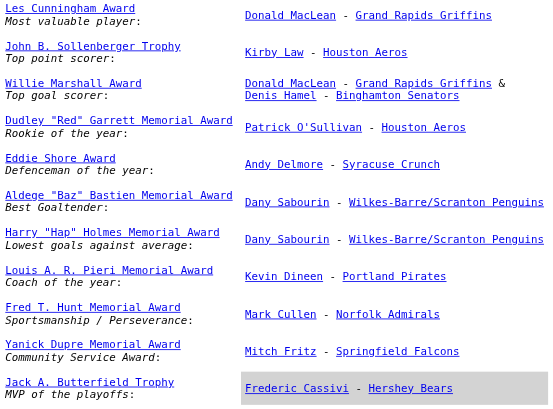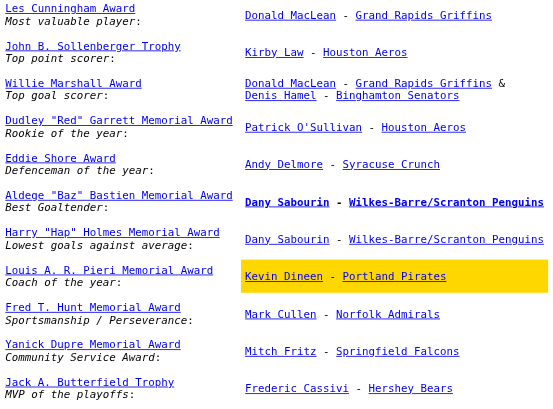 <table cellpadding="5" cellspacing="5">
 <tr>
 <td><a href='#'>Les Cunningham Award</a><br><em>Most valuable player</em>:</td>
 <td><a href='#'>Donald MacLean</a> - <a href='#'>Grand Rapids Griffins</a></td>
 </tr>
 <tr>
 <td><a href='#'>John B. Sollenberger Trophy</a><br><em>Top point scorer</em>:</td>
 <td><a href='#'>Kirby Law</a> - <a href='#'>Houston Aeros</a></td>
 </tr>
 <tr>
 <td><a href='#'>Willie Marshall Award</a><br><em>Top goal scorer</em>:</td>
 <td><a href='#'>Donald MacLean</a> - <a href='#'>Grand Rapids Griffins</a> & <br><a href='#'>Denis Hamel</a> -  <a href='#'>Binghamton Senators</a></td>
 </tr>
 <tr>
 <td><a href='#'>Dudley "Red" Garrett Memorial Award</a><br><em>Rookie of the year</em>:</td>
 <td><a href='#'>Patrick O'Sullivan</a> - <a href='#'>Houston Aeros</a></td>
 </tr>
 <tr>
 <td><a href='#'>Eddie Shore Award</a><br><em>Defenceman of the year</em>:</td>
 <td><a href='#'>Andy Delmore</a> - <a href='#'>Syracuse Crunch</a></td>
 </tr>
 <tr>
 <td><a href='#'>Aldege "Baz" Bastien Memorial Award</a><br><em>Best Goaltender</em>:</td>
-<td><a href='#'>Dany Sabourin</a> - <a href='#'>Wilkes-Barre/Scranton Penguins</a></td>
+<td><strong><a href='#'>Dany Sabourin</a> - <a href='#'>Wilkes-Barre/Scranton Penguins</a></strong></td>
 </tr>
 <tr>
 <td><a href='#'>Harry "Hap" Holmes Memorial Award</a><br><em>Lowest goals against average</em>:</td>
 <td><a href='#'>Dany Sabourin</a> - <a href='#'>Wilkes-Barre/Scranton Penguins</a></td>
 </tr>
 <tr>
 <td><a href='#'>Louis A. R. Pieri Memorial Award</a><br><em>Coach of the year</em>:</td>
-<td><a href='#'>Kevin Dineen</a> - <a href='#'>Portland Pirates</a></td>
+<td style="background: gold;"><a href='#'>Kevin Dineen</a> - <a href='#'>Portland Pirates</a></td>
 </tr>
 <tr>
 <td><a href='#'>Fred T. Hunt Memorial Award</a><br><em>Sportsmanship / Perseverance</em>:</td>
 <td><a href='#'>Mark Cullen</a> - <a href='#'>Norfolk Admirals</a></td>
 </tr>
 <tr>
 <td><a href='#'>Yanick Dupre Memorial Award</a><br><em>Community Service Award</em>:</td>
 <td><a href='#'>Mitch Fritz</a> - <a href='#'>Springfield Falcons</a></td>
 </tr>
 <tr>
 <td><a href='#'>Jack A. Butterfield Trophy</a><br><em>MVP of the playoffs</em>:</td>
-<td style="background: lightgrey;"><a href='#'>Frederic Cassivi</a> - <a href='#'>Hershey Bears</a></td>
+<td><a href='#'>Frederic Cassivi</a> - <a href='#'>Hershey Bears</a></td>
 </tr>
 </table>
